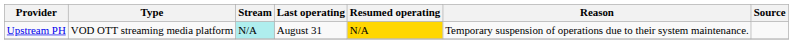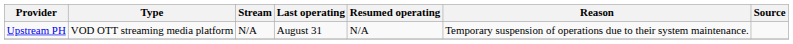 <table class="wikitable">
 <tr>
 <th>Provider</th>
 <th>Type</th>
 <th>Stream</th>
 <th>Last operating</th>
 <th>Resumed operating</th>
 <th>Reason</th>
 <th>Source</th>
 </tr>
 <tr>
 <td><a href='#'>Upstream PH</a></td>
 <td>VOD OTT streaming media platform</td>
-<td style="background: paleturquoise;">N/A</td>
+<td>N/A</td>
 <td>August 31</td>
-<td style="background: gold;">N/A</td>
+<td>N/A</td>
 <td>Temporary suspension of operations due to their system maintenance.</td>
 <td></td>
 </tr>
 <tr>
 </tr>
 </table>
